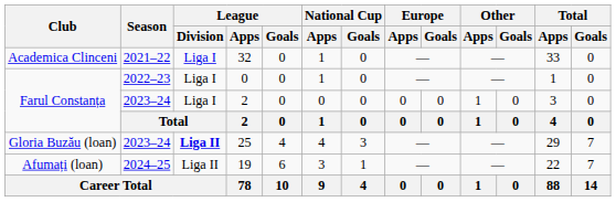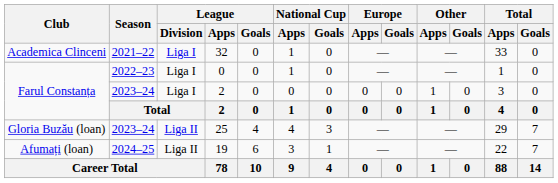 <table class=wikitable style=text-align:center>
 <tr>
 <th rowspan=2>Club</th>
 <th rowspan=2>Season</th>
 <th colspan=3>League</th>
 <th colspan=2>National Cup</th>
 <th colspan=2>Europe</th>
 <th colspan=2>Other</th>
 <th colspan=2>Total</th>
 </tr>
 <tr>
 <th>Division</th>
 <th>Apps</th>
 <th>Goals</th>
 <th>Apps</th>
 <th>Goals</th>
 <th>Apps</th>
 <th>Goals</th>
 <th>Apps</th>
 <th>Goals</th>
 <th>Apps</th>
 <th>Goals</th>
 </tr>
 <tr>
 <td><a href='#'>Academica Clinceni</a></td>
 <td><a href='#'>2021–22</a></td>
 <td><a href='#'>Liga I</a></td>
 <td>32</td>
 <td>0</td>
 <td>1</td>
 <td>0</td>
 <td colspan="2">—</td>
 <td colspan="2">—</td>
 <td>33</td>
 <td>0</td>
 </tr>
 <tr>
 <td rowspan="3"><a href='#'>Farul Constanța</a></td>
 <td><a href='#'>2022–23</a></td>
 <td>Liga I</td>
 <td>0</td>
 <td>0</td>
 <td>1</td>
 <td>0</td>
 <td colspan="2">—</td>
 <td colspan="2">—</td>
 <td>1</td>
 <td>0</td>
 </tr>
 <tr>
 <td><a href='#'>2023–24</a></td>
 <td rowspan="1">Liga I</td>
 <td>2</td>
 <td>0</td>
 <td>0</td>
 <td>0</td>
 <td>0</td>
 <td>0</td>
 <td>1</td>
 <td>0</td>
 <td>3</td>
 <td>0</td>
 </tr>
 <tr>
 <th colspan="2">Total</th>
 <th>2</th>
 <th>0</th>
 <th>1</th>
 <th>0</th>
 <th>0</th>
 <th>0</th>
 <th>1</th>
 <th>0</th>
 <th>4</th>
 <th>0</th>
 </tr>
 <tr>
 <td><a href='#'>Gloria Buzău</a> (loan)</td>
 <td><a href='#'>2023–24</a></td>
-<td><strong><a href='#'>Liga II</a></strong></td>
+<td><a href='#'>Liga II</a></td>
 <td>25</td>
 <td>4</td>
 <td>4</td>
 <td>3</td>
 <td colspan="2">—</td>
 <td colspan="2">—</td>
 <td>29</td>
 <td>7</td>
 </tr>
 <tr>
 <td><a href='#'>Afumați</a> (loan)</td>
 <td><a href='#'>2024–25</a></td>
 <td>Liga II</td>
 <td>19</td>
 <td>6</td>
 <td>3</td>
 <td>1</td>
 <td colspan="2">—</td>
 <td colspan="2">—</td>
 <td>22</td>
 <td>7</td>
 </tr>
 <tr>
 <th colspan="3">Career Total</th>
 <th>78</th>
 <th>10</th>
 <th>9</th>
 <th>4</th>
 <th>0</th>
 <th>0</th>
 <th>1</th>
 <th>0</th>
 <th>88</th>
 <th>14</th>
 </tr>
 </table>
